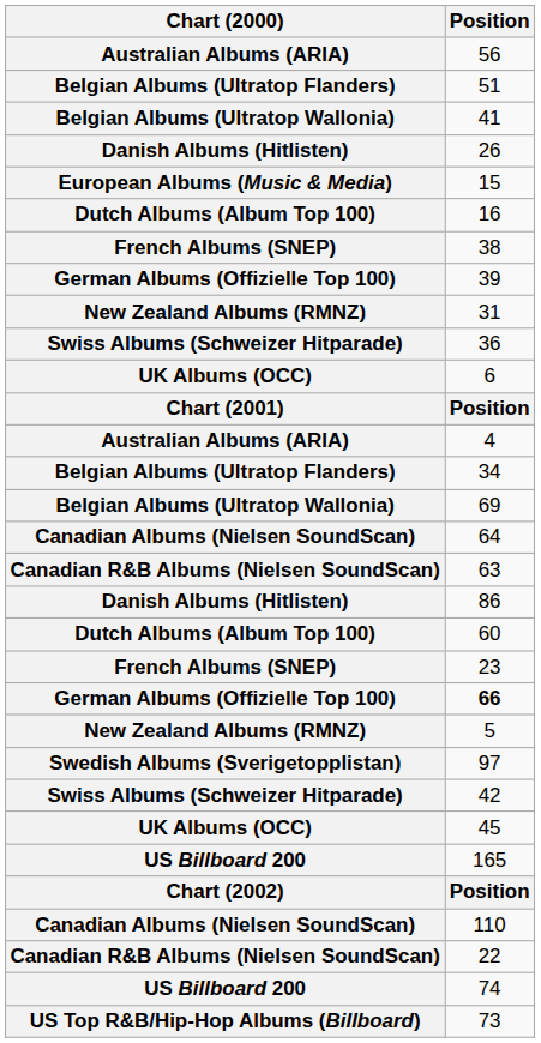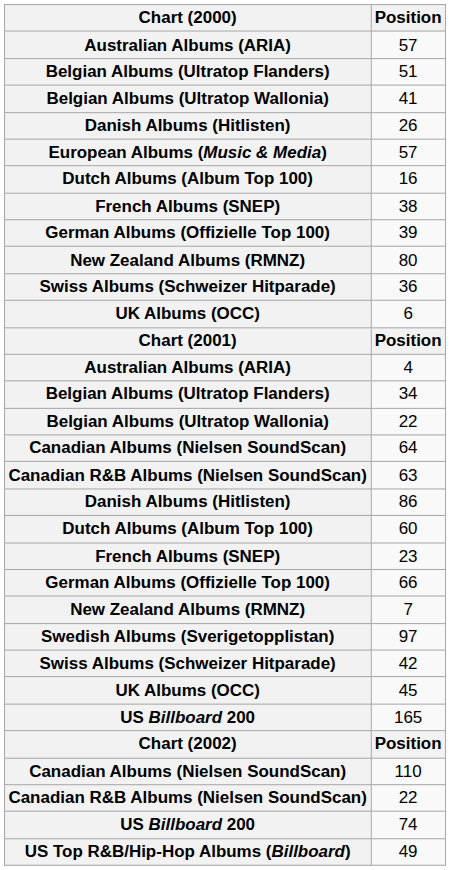 <table class="wikitable plainrowheaders">
 <tr>
 <th cope="col">Chart (2000)</th>
 <th cope="col">Position</th>
 </tr>
 <tr>
 <th scope="row">Australian Albums (ARIA)</th>
-<td align="center">56</td>
+<td align="center">57</td>
 </tr>
 <tr>
 <th scope="row">Belgian Albums (Ultratop Flanders)</th>
 <td align="center">51</td>
 </tr>
 <tr>
 <th scope="row">Belgian Albums (Ultratop Wallonia)</th>
 <td align="center">41</td>
 </tr>
 <tr>
 <th scope="row">Danish Albums (Hitlisten)</th>
 <td align="center">26</td>
 </tr>
 <tr>
 <th scope="row">European Albums (<em>Music & Media</em>)</th>
-<td align="center">15</td>
+<td align="center">57</td>
 </tr>
 <tr>
 <th scope="row">Dutch Albums (Album Top 100)</th>
 <td align="center">16</td>
 </tr>
 <tr>
 <th scope="row">French Albums (SNEP)</th>
 <td align="center">38</td>
 </tr>
 <tr>
 <th scope="row">German Albums (Offizielle Top 100)</th>
 <td align="center">39</td>
 </tr>
 <tr>
 <th scope="row">New Zealand Albums (RMNZ)</th>
-<td align="center">31</td>
+<td align="center">80</td>
 </tr>
 <tr>
 <th scope="row">Swiss Albums (Schweizer Hitparade)</th>
 <td align="center">36</td>
 </tr>
 <tr>
 <th scope="row">UK Albums (OCC)</th>
 <td align="center">6</td>
 </tr>
 <tr>
 <th>Chart (2001)</th>
 <th>Position</th>
 </tr>
 <tr>
 <th scope="row">Australian Albums (ARIA)</th>
 <td style="text-align:center;">4</td>
 </tr>
 <tr>
 <th scope="row">Belgian Albums (Ultratop Flanders)</th>
 <td align="center">34</td>
 </tr>
 <tr>
 <th scope="row">Belgian Albums (Ultratop Wallonia)</th>
-<td align="center">69</td>
+<td align="center">22</td>
 </tr>
 <tr>
 <th scope="row">Canadian Albums (Nielsen SoundScan)</th>
 <td align="center">64</td>
 </tr>
 <tr>
 <th scope="row">Canadian R&B Albums (Nielsen SoundScan)</th>
 <td align="center">63</td>
 </tr>
 <tr>
 <th scope="row">Danish Albums (Hitlisten)</th>
 <td align="center">86</td>
 </tr>
 <tr>
 <th scope="row">Dutch Albums (Album Top 100)</th>
 <td align="center">60</td>
 </tr>
 <tr>
 <th scope="row">French Albums (SNEP)</th>
 <td align="center">23</td>
 </tr>
 <tr>
 <th scope="row">German Albums (Offizielle Top 100)</th>
-<td align="center"><strong>66</strong></td>
+<td align="center">66</td>
 </tr>
 <tr>
 <th scope="row">New Zealand Albums (RMNZ)</th>
-<td align="center">5</td>
+<td align="center">7</td>
 </tr>
 <tr>
 <th scope="row">Swedish Albums (Sverigetopplistan)</th>
 <td align="center">97</td>
 </tr>
 <tr>
 <th scope="row">Swiss Albums (Schweizer Hitparade)</th>
 <td align="center">42</td>
 </tr>
 <tr>
 <th scope="row">UK Albums (OCC)</th>
 <td align="center">45</td>
 </tr>
 <tr>
 <th scope="row">US <em>Billboard</em> 200</th>
 <td align="center">165</td>
 </tr>
 <tr>
 <th>Chart (2002)</th>
 <th>Position</th>
 </tr>
 <tr>
 <th scope="row">Canadian Albums (Nielsen SoundScan)</th>
 <td align="center">110</td>
 </tr>
 <tr>
 <th scope="row">Canadian R&B Albums (Nielsen SoundScan)</th>
 <td align=center>22</td>
 </tr>
 <tr>
 <th scope="row">US <em>Billboard</em> 200</th>
 <td align="center">74</td>
 </tr>
 <tr>
 <th scope="row">US Top R&B/Hip-Hop Albums (<em>Billboard</em>)</th>
-<td align="center">73</td>
+<td align="center">49</td>
 </tr>
 </table>
